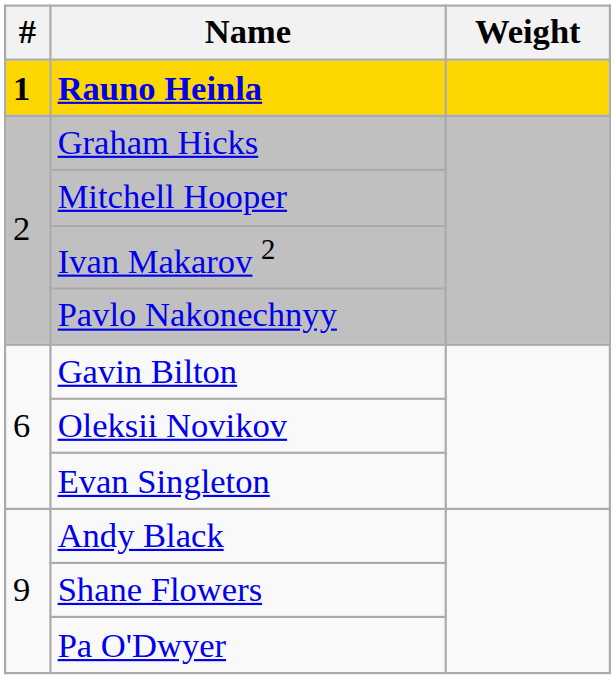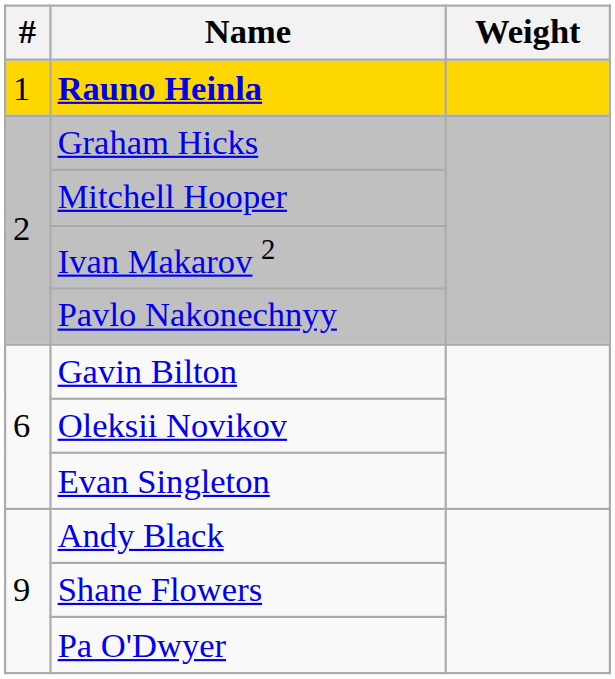 <table class="wikitable" style="display: inline-table;width: 45%;">
 <tr>
 <th>#</th>
 <th>Name</th>
 <th>Weight</th>
 </tr>
 <tr style="background:gold;">
-<td><strong>1</strong></td>
+<td>1</td>
 <td> <strong><a href='#'>Rauno Heinla</a></strong></td>
 <td></td>
 </tr>
 <tr style="background:silver;">
 <td rowspan="4">2</td>
 <td> <a href='#'>Graham Hicks</a></td>
 <td rowspan="4"></td>
 </tr>
 <tr style="background:silver;">
 <td> <a href='#'>Mitchell Hooper</a></td>
 </tr>
 <tr style="background:silver;">
 <td> <a href='#'>Ivan Makarov</a> <sup> 2 </sup></td>
 </tr>
 <tr style="background:silver;">
 <td> <a href='#'>Pavlo Nakonechnyy</a></td>
 </tr>
 <tr>
 <td rowspan="3">6</td>
 <td> <a href='#'>Gavin Bilton</a></td>
 <td rowspan="3"></td>
 </tr>
 <tr>
 <td> <a href='#'>Oleksii Novikov</a></td>
 </tr>
 <tr>
 <td> <a href='#'>Evan Singleton</a></td>
 </tr>
 <tr>
 <td rowspan="3">9</td>
 <td> <a href='#'>Andy Black</a></td>
 <td rowspan="3"></td>
 </tr>
 <tr>
 <td> <a href='#'>Shane Flowers</a></td>
 </tr>
 <tr>
 <td> <a href='#'>Pa O'Dwyer</a></td>
 </tr>
 </table>
